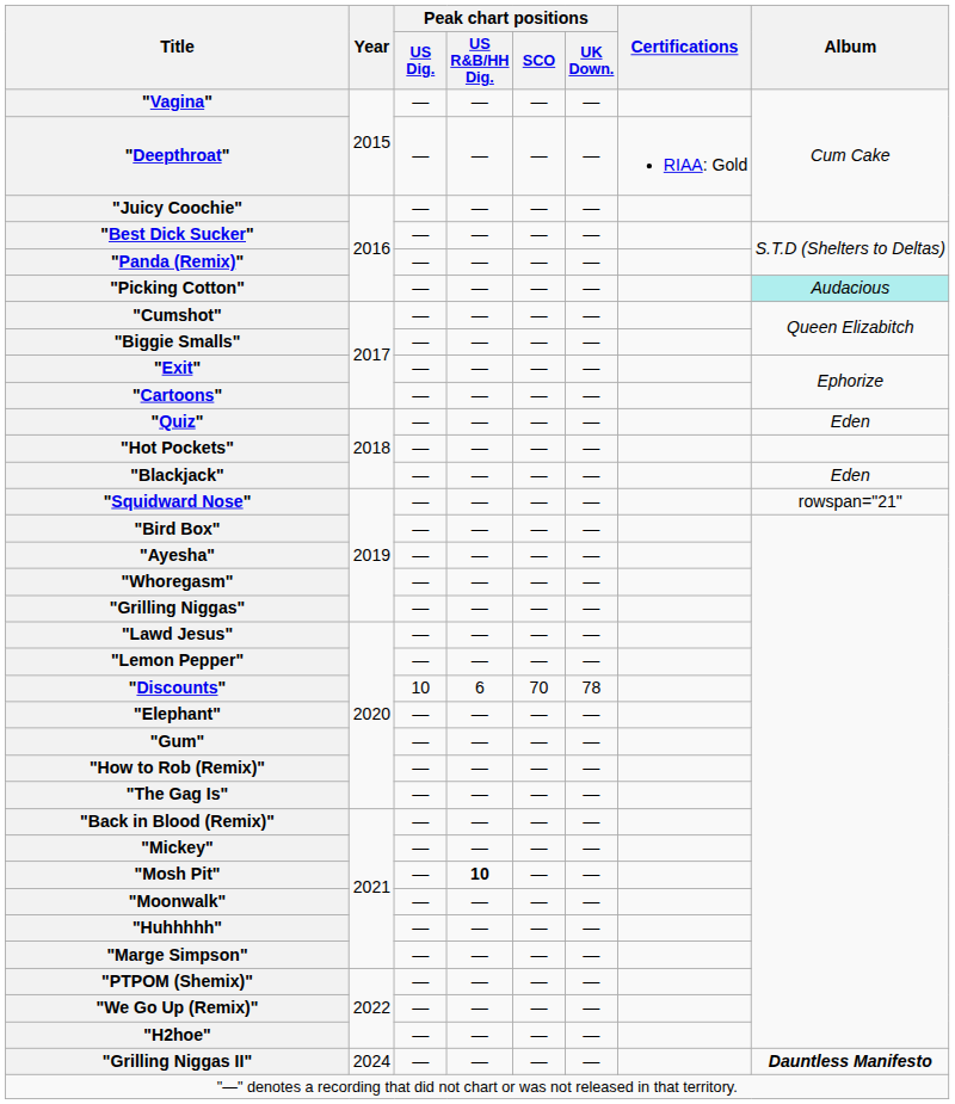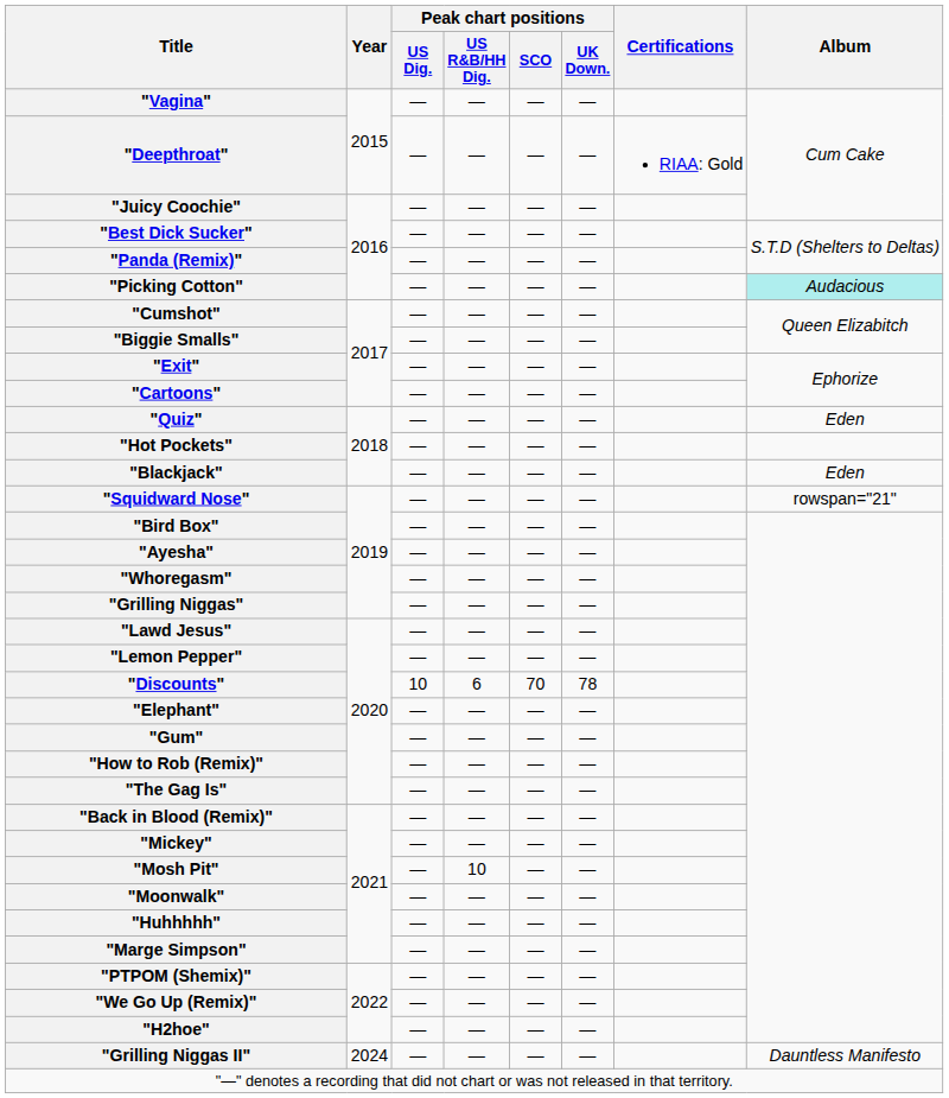 <table class="wikitable plainrowheaders" style="text-align:center;">
 <tr>
 <th scope="col" rowspan="2" style="width:20em;">Title</th>
 <th scope="col" rowspan="2">Year</th>
 <th scope="col" colspan="4">Peak chart positions</th>
 <th scope="col" rowspan="2"><a href='#'>Certifications</a></th>
 <th scope="col" rowspan="2">Album</th>
 </tr>
 <tr>
 <th scope="col" style="width:3em;font-size:90%;"><a href='#'>US<br>Dig.</a><br></th>
 <th scope="col" style="width:3em;font-size:90%;"><a href='#'>US<br>R&B/HH<br>Dig.</a><br></th>
 <th scope="col" style="width:3em;font-size:90%;"><a href='#'>SCO</a><br></th>
 <th scope="col" style="width:3em;font-size:90%;"><a href='#'>UK<br>Down.</a><br></th>
 </tr>
 <tr>
 <th scope="row">"<a href='#'>Vagina</a>"</th>
 <td rowspan="2">2015</td>
 <td>—</td>
 <td>—</td>
 <td>—</td>
 <td>—</td>
 <td></td>
 <td rowspan="3"><em>Cum Cake</em></td>
 </tr>
 <tr>
 <th scope="row">"<a href='#'>Deepthroat</a>"</th>
 <td>—</td>
 <td>—</td>
 <td>—</td>
 <td>—</td>
 <td><br><ul><li><a href='#'>RIAA</a>: Gold</li></ul></td>
 </tr>
 <tr>
 <th scope="row">"Juicy Coochie"</th>
 <td rowspan="4">2016</td>
 <td>—</td>
 <td>—</td>
 <td>—</td>
 <td>—</td>
 </tr>
 <tr>
 <th scope="row">"<a href='#'>Best Dick Sucker</a>"</th>
 <td>—</td>
 <td>—</td>
 <td>—</td>
 <td>—</td>
 <td></td>
 <td rowspan="2"><em>S.T.D (Shelters to Deltas)</em></td>
 </tr>
 <tr>
 <th scope="row">"<a href='#'>Panda (Remix)</a>"</th>
 <td>—</td>
 <td>—</td>
 <td>—</td>
 <td>—</td>
 </tr>
 <tr>
 <th scope="row">"Picking Cotton"</th>
 <td>—</td>
 <td>—</td>
 <td>—</td>
 <td>—</td>
 <td></td>
 <td style="background: paleturquoise;"><em>Audacious</em></td>
 </tr>
 <tr>
 <th scope="row">"Cumshot"</th>
 <td rowspan="4">2017</td>
 <td>—</td>
 <td>—</td>
 <td>—</td>
 <td>—</td>
 <td></td>
 <td rowspan="2"><em>Queen Elizabitch</em></td>
 </tr>
 <tr>
 <th scope="row">"Biggie Smalls"</th>
 <td>—</td>
 <td>—</td>
 <td>—</td>
 <td>—</td>
 </tr>
 <tr>
 <th scope="row">"<a href='#'>Exit</a>"</th>
 <td>—</td>
 <td>—</td>
 <td>—</td>
 <td>—</td>
 <td></td>
 <td rowspan="2"><em>Ephorize</em></td>
 </tr>
 <tr>
 <th scope="row">"<a href='#'>Cartoons</a>"</th>
 <td>—</td>
 <td>—</td>
 <td>—</td>
 <td>—</td>
 </tr>
 <tr>
 <th scope="row">"<a href='#'>Quiz</a>"</th>
 <td rowspan="3">2018</td>
 <td>—</td>
 <td>—</td>
 <td>—</td>
 <td>—</td>
 <td></td>
 <td><em>Eden</em></td>
 </tr>
 <tr>
 <th scope="row">"Hot Pockets"</th>
 <td>—</td>
 <td>—</td>
 <td>—</td>
 <td>—</td>
 <td></td>
 <td></td>
 </tr>
 <tr>
 <th scope="row">"Blackjack"</th>
 <td>—</td>
 <td>—</td>
 <td>—</td>
 <td>—</td>
 <td></td>
 <td><em>Eden</em></td>
 </tr>
 <tr>
 <th scope="row">"<a href='#'>Squidward Nose</a>"</th>
 <td rowspan="5">2019</td>
 <td>—</td>
 <td>—</td>
 <td>—</td>
 <td>—</td>
 <td></td>
 <td>rowspan="21" </td>
 </tr>
 <tr>
 <th scope="row">"Bird Box"</th>
 <td>—</td>
 <td>—</td>
 <td>—</td>
 <td>—</td>
 <td></td>
 </tr>
 <tr>
 <th scope="row">"Ayesha"</th>
 <td>—</td>
 <td>—</td>
 <td>—</td>
 <td>—</td>
 <td></td>
 </tr>
 <tr>
 <th scope="row">"Whoregasm"</th>
 <td>—</td>
 <td>—</td>
 <td>—</td>
 <td>—</td>
 <td></td>
 </tr>
 <tr>
 <th scope="row">"Grilling Niggas"</th>
 <td>—</td>
 <td>—</td>
 <td>—</td>
 <td>—</td>
 <td></td>
 </tr>
 <tr>
 <th scope="row">"Lawd Jesus"</th>
 <td rowspan="7">2020</td>
 <td>—</td>
 <td>—</td>
 <td>—</td>
 <td>—</td>
 <td></td>
 </tr>
 <tr>
 <th scope="row">"Lemon Pepper"</th>
 <td>—</td>
 <td>—</td>
 <td>—</td>
 <td>—</td>
 <td></td>
 </tr>
 <tr>
 <th scope="row">"<a href='#'>Discounts</a>"</th>
 <td>10</td>
 <td>6</td>
 <td>70</td>
 <td>78</td>
 <td></td>
 </tr>
 <tr>
 <th scope="row">"Elephant"</th>
 <td>—</td>
 <td>—</td>
 <td>—</td>
 <td>—</td>
 <td></td>
 </tr>
 <tr>
 <th scope="row">"Gum"</th>
 <td>—</td>
 <td>—</td>
 <td>—</td>
 <td>—</td>
 <td></td>
 </tr>
 <tr>
 <th scope="row">"How to Rob (Remix)"</th>
 <td>—</td>
 <td>—</td>
 <td>—</td>
 <td>—</td>
 <td></td>
 </tr>
 <tr>
 <th scope="row">"The Gag Is"</th>
 <td>—</td>
 <td>—</td>
 <td>—</td>
 <td>—</td>
 <td></td>
 </tr>
 <tr>
 <th scope="row">"Back in Blood (Remix)"</th>
 <td rowspan="6">2021</td>
 <td>—</td>
 <td>—</td>
 <td>—</td>
 <td>—</td>
 <td></td>
 </tr>
 <tr>
 <th scope="row">"Mickey"</th>
 <td>—</td>
 <td>—</td>
 <td>—</td>
 <td>—</td>
 <td></td>
 </tr>
 <tr>
 <th scope="row">"Mosh Pit"</th>
 <td>—</td>
-<td><strong>10</strong></td>
+<td>10</td>
 <td>—</td>
 <td>—</td>
 <td></td>
 </tr>
 <tr>
 <th scope="row">"Moonwalk"</th>
 <td>—</td>
 <td>—</td>
 <td>—</td>
 <td>—</td>
 <td></td>
 </tr>
 <tr>
 <th scope="row">"Huhhhhh"</th>
 <td>—</td>
 <td>—</td>
 <td>—</td>
 <td>—</td>
 <td></td>
 </tr>
 <tr>
 <th scope="row">"Marge Simpson"</th>
 <td>—</td>
 <td>—</td>
 <td>—</td>
 <td>—</td>
 <td></td>
 </tr>
 <tr>
 <th scope="row">"PTPOM (Shemix)"<br></th>
 <td rowspan="3">2022</td>
 <td>—</td>
 <td>—</td>
 <td>—</td>
 <td>—</td>
 <td></td>
 </tr>
 <tr>
 <th scope="row">"We Go Up (Remix)"</th>
 <td>—</td>
 <td>—</td>
 <td>—</td>
 <td>—</td>
 <td></td>
 </tr>
 <tr>
 <th scope="row">"H2hoe"</th>
 <td>—</td>
 <td>—</td>
 <td>—</td>
 <td>—</td>
 <td></td>
 </tr>
 <tr>
 <th scope="row">"Grilling Niggas II"</th>
 <td rowspan="1">2024</td>
 <td>—</td>
 <td>—</td>
 <td>—</td>
 <td>—</td>
 <td></td>
-<td rowspan="1"><strong><em>Dauntless Manifesto</em></strong></td>
+<td rowspan="1"><em>Dauntless Manifesto</em></td>
 </tr>
 <tr>
 <td colspan="15" style="font-size:90%">"—" denotes a recording that did not chart or was not released in that territory.</td>
 </tr>
 </table>
